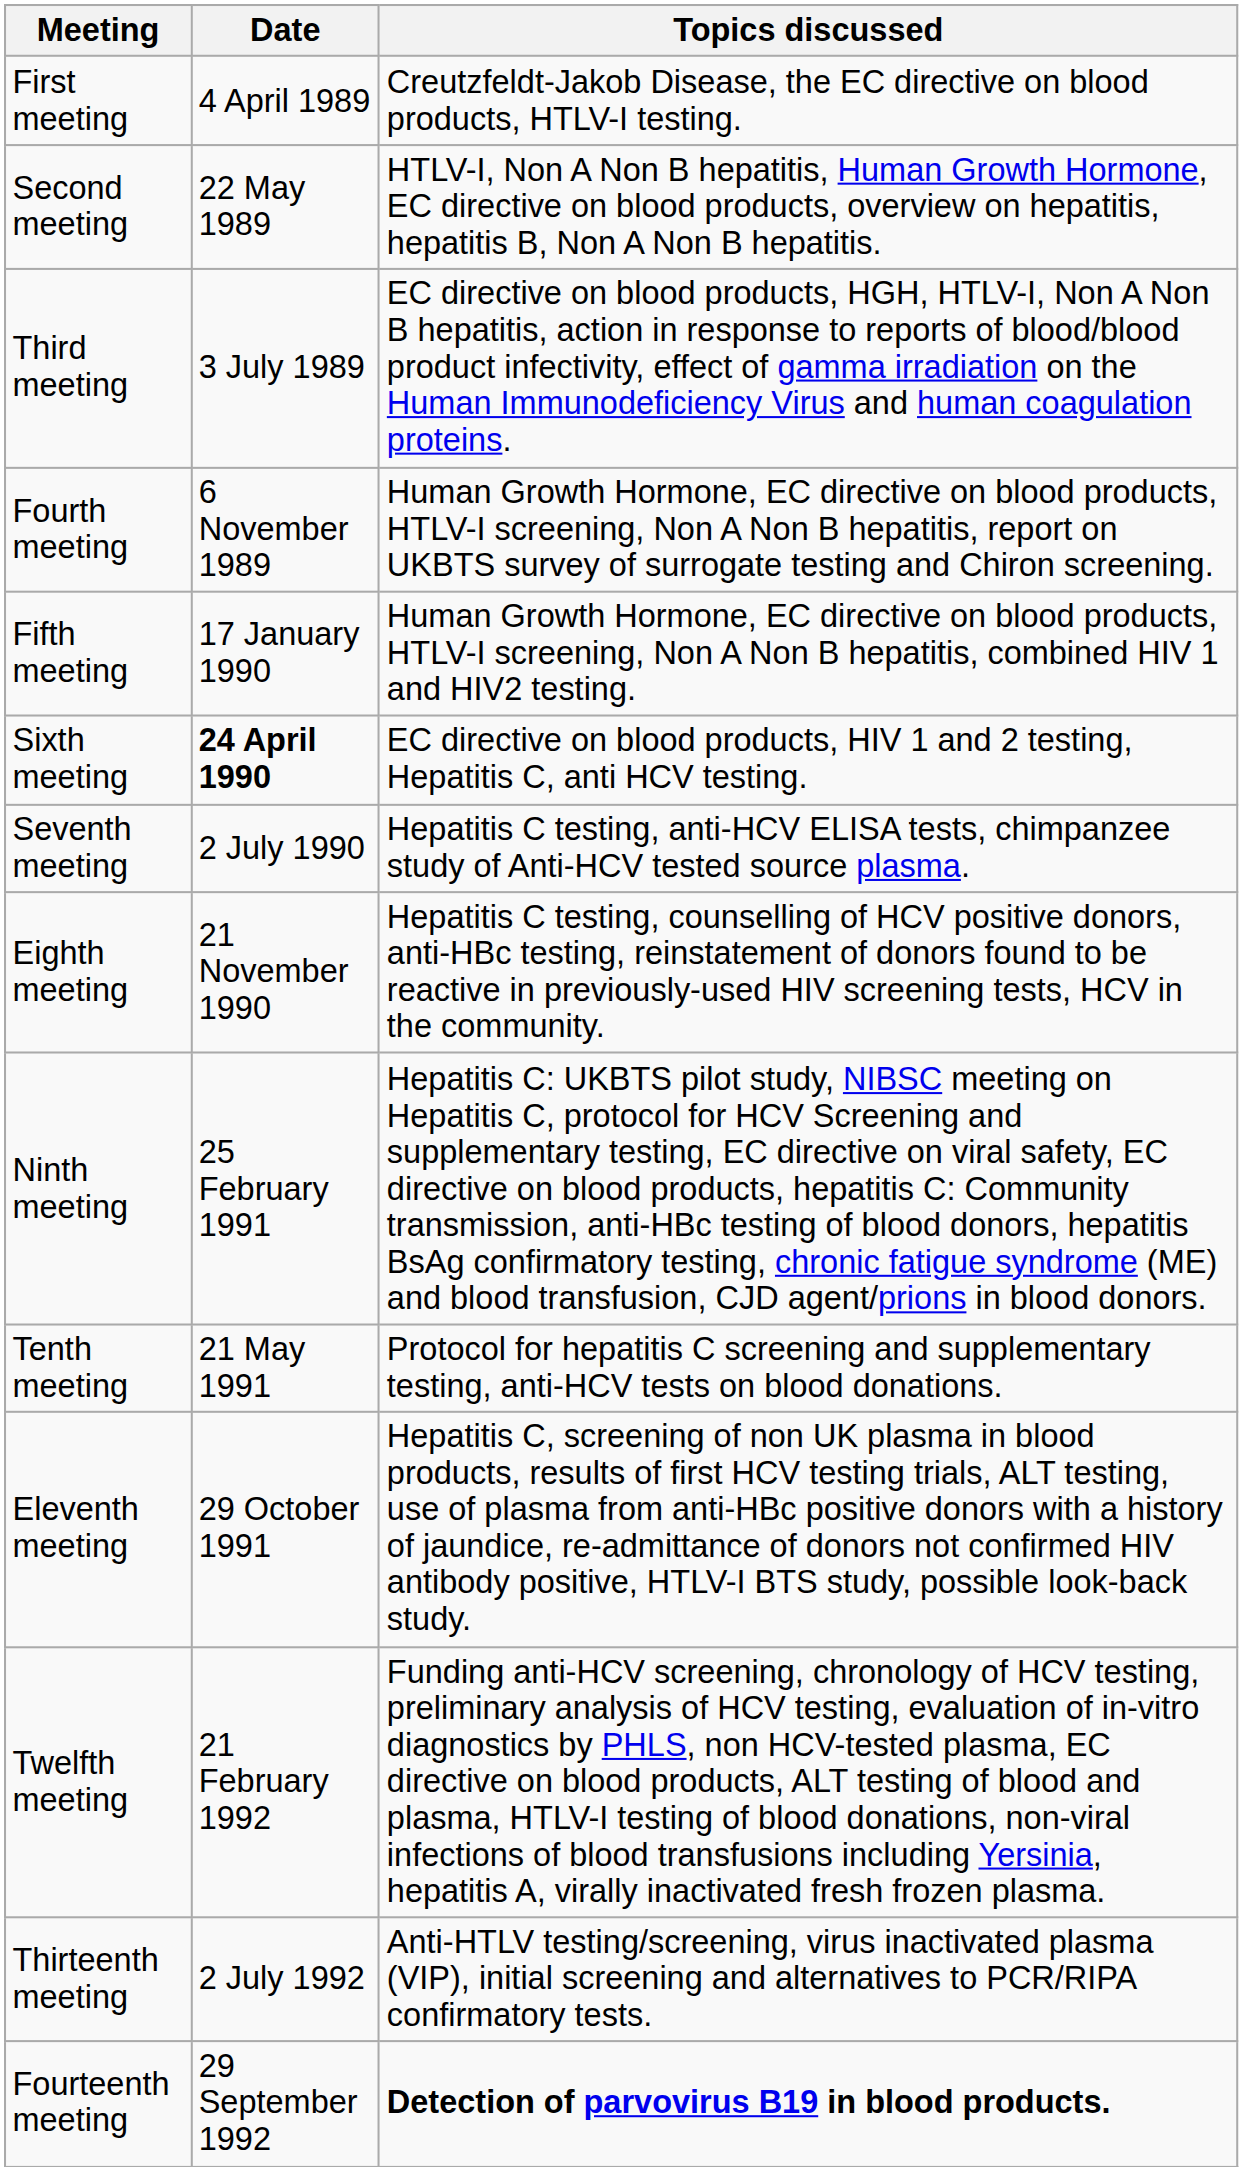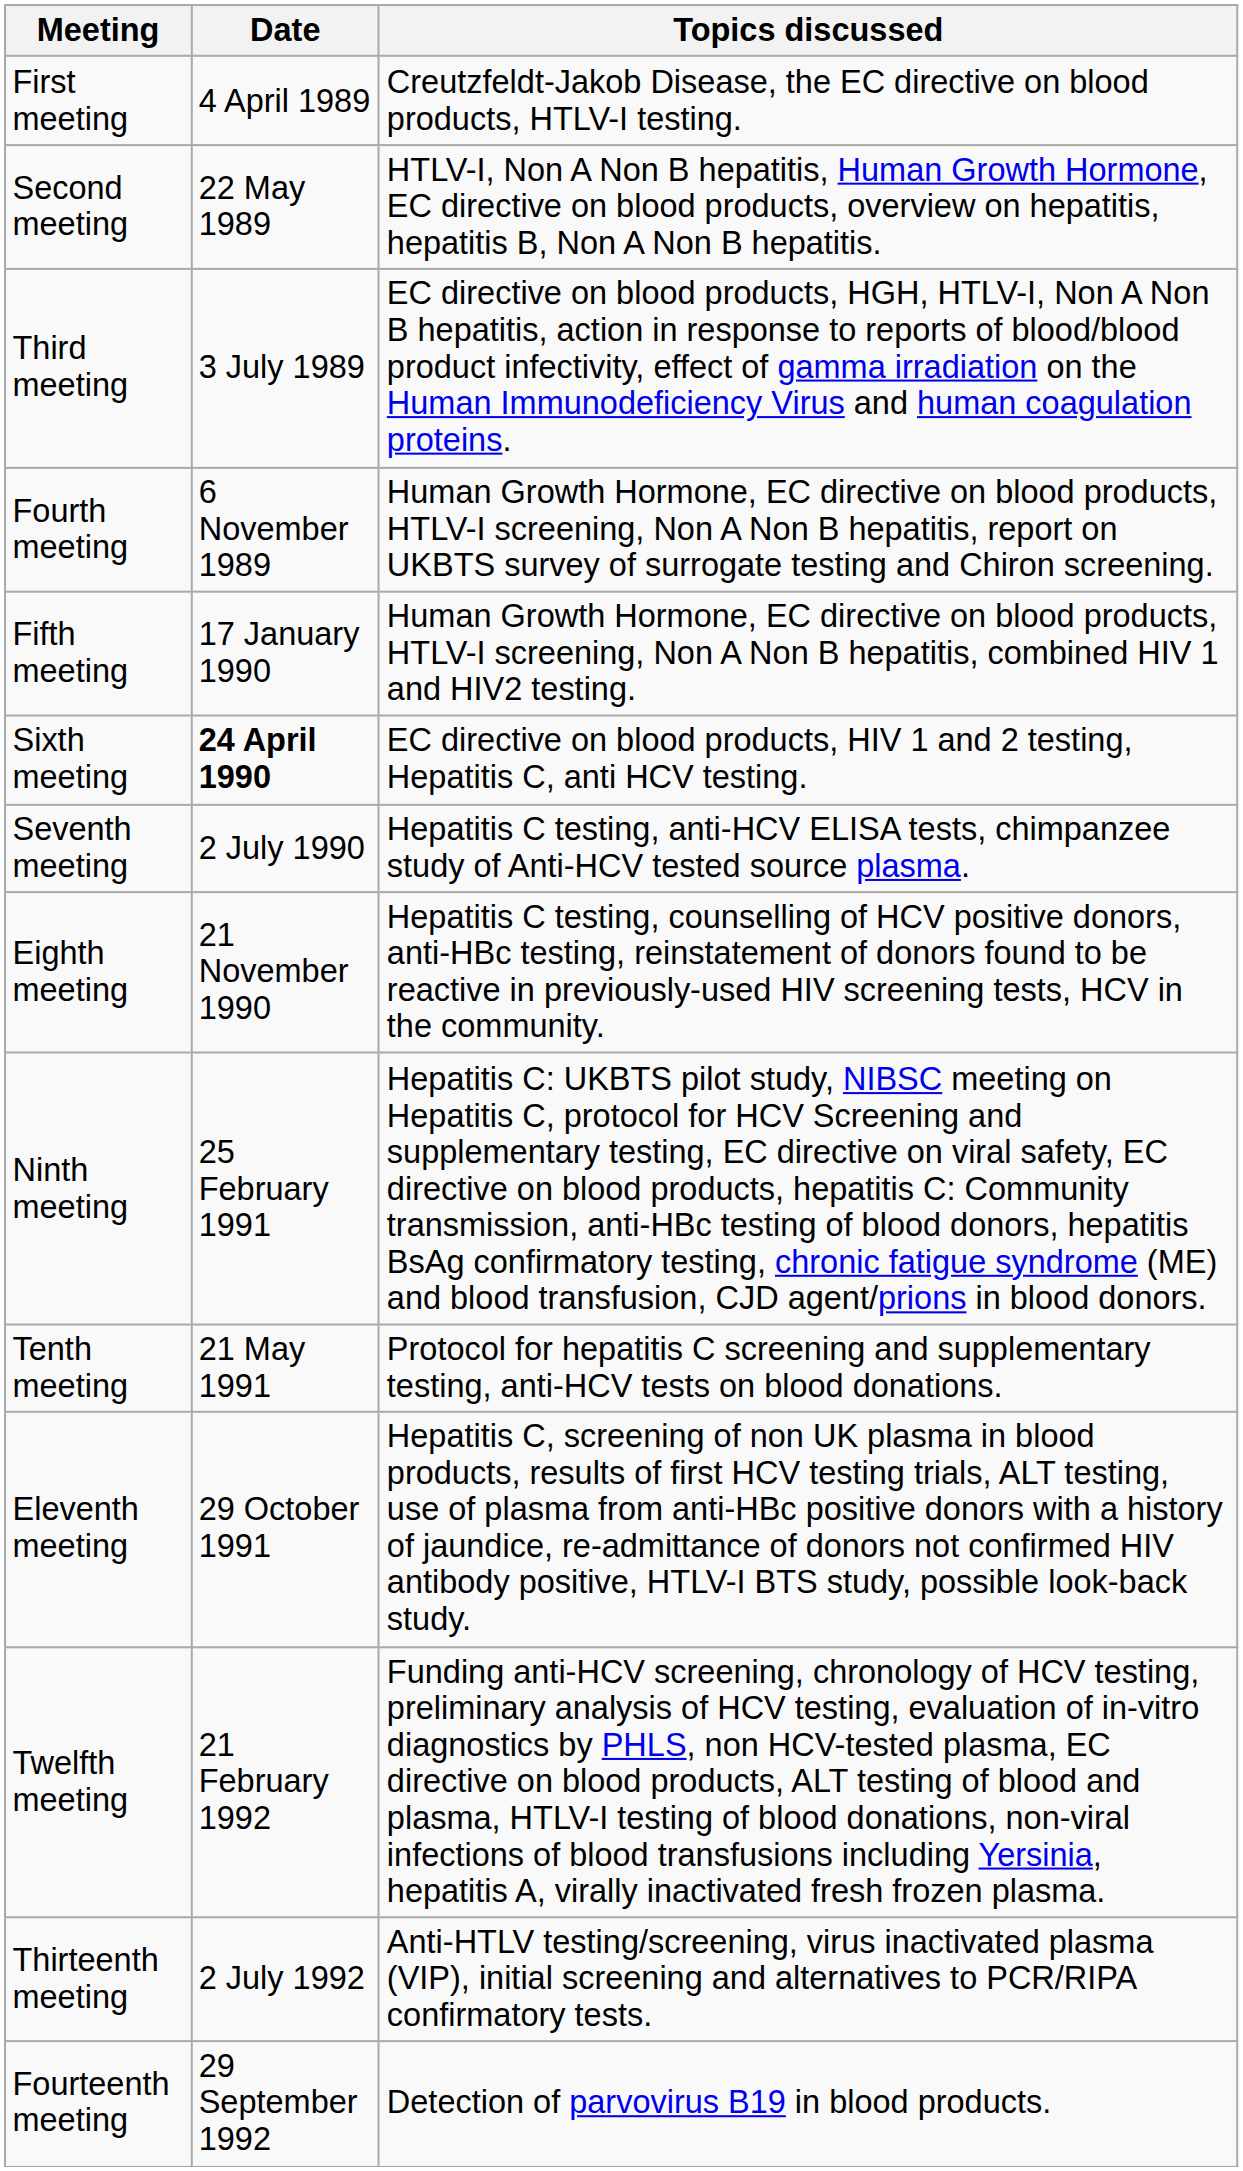 <table class="wikitable" style="text-align:left">
 <tr>
 <th>Meeting</th>
 <th>Date</th>
 <th>Topics discussed</th>
 </tr>
 <tr>
 <td>First meeting</td>
 <td>4 April 1989</td>
 <td>Creutzfeldt-Jakob Disease, the EC directive on blood products, HTLV-I testing.</td>
 </tr>
 <tr>
 <td>Second meeting</td>
 <td>22 May 1989</td>
 <td>HTLV-I, Non A Non B hepatitis, <a href='#'>Human Growth Hormone</a>, EC directive on blood products, overview on hepatitis, hepatitis B, Non A Non B hepatitis.</td>
 </tr>
 <tr>
 <td>Third meeting</td>
 <td>3 July 1989</td>
 <td>EC directive on blood products, HGH, HTLV-I, Non A Non B hepatitis, action in response to reports of blood/blood product infectivity, effect of <a href='#'>gamma irradiation</a> on the <a href='#'>Human Immunodeficiency Virus</a> and <a href='#'>human coagulation proteins</a>.</td>
 </tr>
 <tr>
 <td>Fourth meeting</td>
 <td>6 November 1989</td>
 <td>Human Growth Hormone, EC directive on blood products, HTLV-I screening, Non A Non B hepatitis, report on UKBTS survey of surrogate testing and Chiron screening.</td>
 </tr>
 <tr>
 <td>Fifth meeting</td>
 <td>17 January 1990</td>
 <td>Human Growth Hormone, EC directive on blood products, HTLV-I screening, Non A Non B hepatitis, combined HIV 1 and HIV2 testing.</td>
 </tr>
 <tr>
 <td>Sixth meeting</td>
 <td><strong>24 April 1990</strong></td>
 <td>EC directive on blood products, HIV 1 and 2 testing, Hepatitis C, anti HCV testing.</td>
 </tr>
 <tr>
 <td>Seventh meeting</td>
 <td>2 July 1990</td>
 <td>Hepatitis C testing, anti-HCV ELISA tests, chimpanzee study of Anti-HCV tested source <a href='#'>plasma</a>.</td>
 </tr>
 <tr>
 <td>Eighth meeting</td>
 <td>21 November 1990</td>
 <td>Hepatitis C testing, counselling of HCV positive donors, anti-HBc testing, reinstatement of donors found to be reactive in previously-used HIV screening tests, HCV in the community.</td>
 </tr>
 <tr>
 <td>Ninth meeting</td>
 <td>25 February 1991</td>
 <td>Hepatitis C: UKBTS pilot study, <a href='#'>NIBSC</a> meeting on Hepatitis C, protocol for HCV Screening and supplementary testing, EC directive on viral safety, EC directive on blood products, hepatitis C: Community transmission, anti-HBc testing of blood donors, hepatitis BsAg confirmatory testing, <a href='#'>chronic fatigue syndrome</a> (ME) and blood transfusion, CJD agent/<a href='#'>prions</a> in blood donors.</td>
 </tr>
 <tr>
 <td>Tenth meeting</td>
 <td>21 May 1991</td>
 <td>Protocol for hepatitis C screening and supplementary testing, anti-HCV tests on blood donations.</td>
 </tr>
 <tr>
 <td>Eleventh meeting</td>
 <td>29 October 1991</td>
 <td>Hepatitis C, screening of non UK plasma in blood products, results of first HCV testing trials, ALT testing, use of plasma from anti-HBc positive donors with a history of jaundice, re-admittance of donors not confirmed HIV antibody positive, HTLV-I BTS study, possible look-back study.</td>
 </tr>
 <tr>
 <td>Twelfth meeting</td>
 <td>21 February 1992</td>
 <td>Funding anti-HCV screening, chronology of HCV testing, preliminary analysis of HCV testing, evaluation of in-vitro diagnostics by <a href='#'>PHLS</a>, non HCV-tested plasma, EC directive on blood products, ALT testing of blood and plasma, HTLV-I testing of blood donations, non-viral infections of blood transfusions including <a href='#'>Yersinia</a>, hepatitis A, virally inactivated fresh frozen plasma.</td>
 </tr>
 <tr>
 <td>Thirteenth meeting</td>
 <td>2 July 1992</td>
 <td>Anti-HTLV testing/screening, virus inactivated plasma (VIP), initial screening and alternatives to PCR/RIPA confirmatory tests.</td>
 </tr>
 <tr>
 <td>Fourteenth meeting</td>
 <td>29 September 1992</td>
-<td><strong>Detection of <a href='#'>parvovirus B19</a> in blood products.</strong></td>
+<td>Detection of <a href='#'>parvovirus B19</a> in blood products.</td>
 </tr>
 <tr>
 </tr>
 </table>
